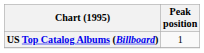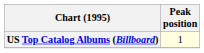 <table class="wikitable sortable plainrowheaders" style="text-align:center;">
 <tr>
 <th scope="col">Chart (1995)</th>
 <th scope="col">Peak<br>position</th>
 </tr>
 <tr>
 <th scope="row">US <a href='#'>Top Catalog Albums</a> (<em><a href='#'>Billboard</a></em>)</th>
-<td>1</td>
+<td style="background: lightyellow;">1</td>
 </tr>
 <tr>
 </tr>
 </table>
